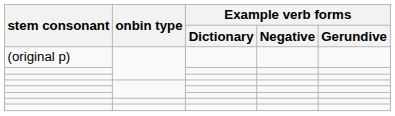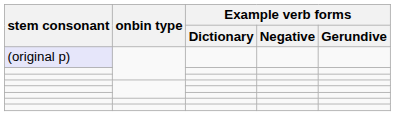 <table class="wikitable">
 <tr>
 <th rowspan=2>stem consonant</th>
 <th rowspan=2>onbin type</th>
 <th colspan=3>Example verb forms</th>
 </tr>
 <tr>
 <th>Dictionary</th>
 <th>Negative</th>
 <th>Gerundive</th>
 </tr>
 <tr>
-<td> (original p)</td>
+<td style="background: lavender;"> (original p)</td>
 <td rowspan=3> </td>
 <td></td>
 <td></td>
 <td></td>
 </tr>
 <tr>
 <td></td>
 <td></td>
 <td></td>
 <td></td>
 </tr>
 <tr>
 <td></td>
 <td></td>
 <td></td>
 <td></td>
 </tr>
 <tr>
 <td></td>
 <td rowspan=3> </td>
 <td></td>
 <td></td>
 <td></td>
 </tr>
 <tr>
 <td></td>
 <td></td>
 <td></td>
 <td></td>
 </tr>
 <tr>
 <td></td>
 <td></td>
 <td></td>
 <td></td>
 </tr>
 <tr>
 <td></td>
 <td> </td>
 <td></td>
 <td></td>
 <td></td>
 </tr>
 <tr>
 <td></td>
 <td> </td>
 <td></td>
 <td></td>
 <td></td>
 </tr>
 </table>
